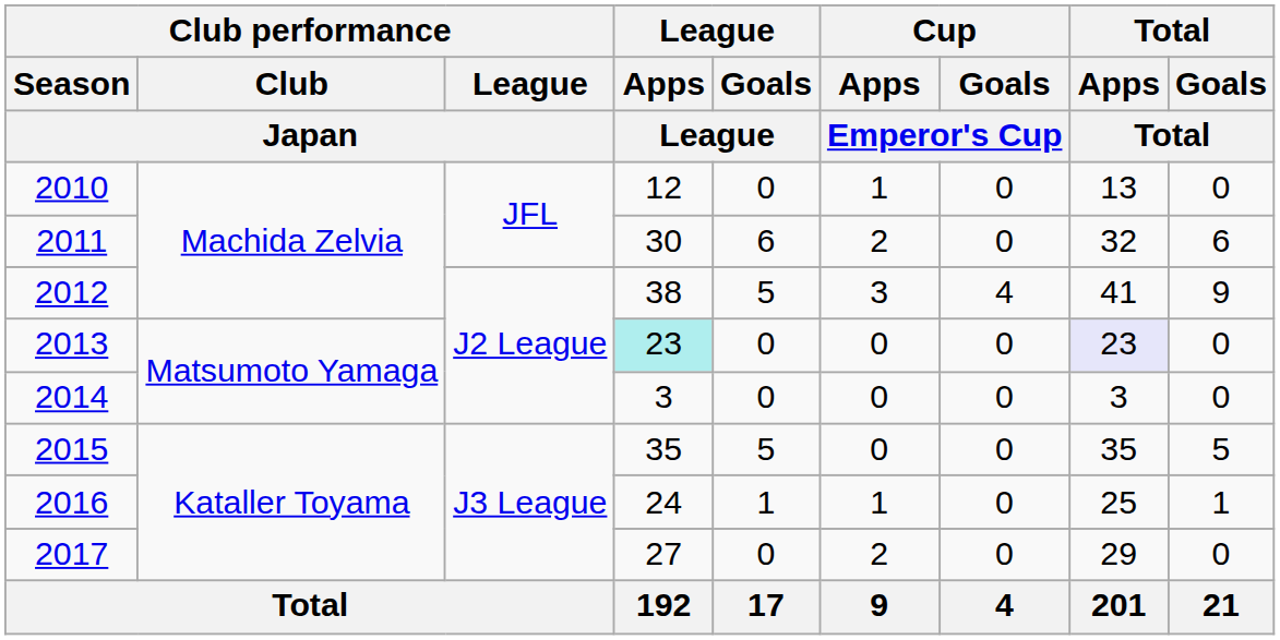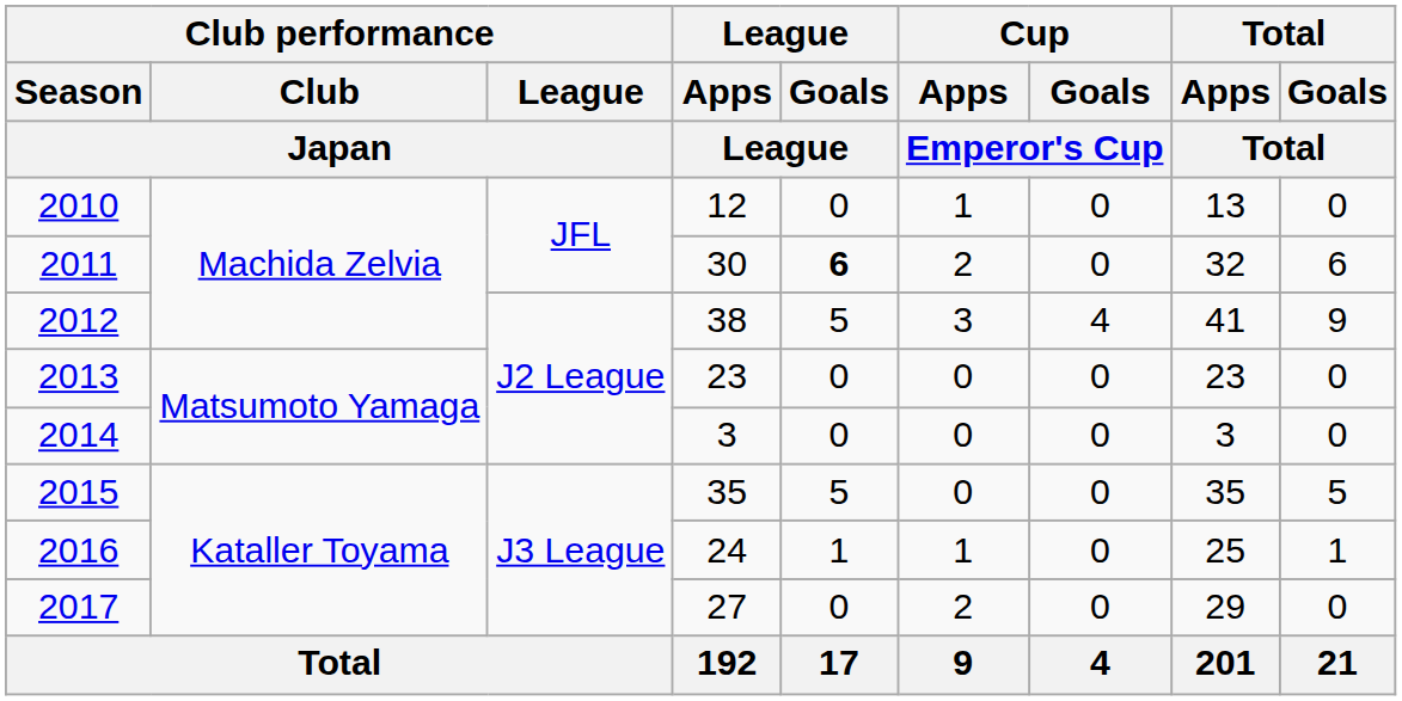 <table class="wikitable" style="text-align:center;">
 <tr>
 <th colspan=3>Club performance</th>
 <th colspan=2>League</th>
 <th colspan=2>Cup</th>
 <th colspan=2>Total</th>
 </tr>
 <tr>
 <th>Season</th>
 <th>Club</th>
 <th>League</th>
 <th>Apps</th>
 <th>Goals</th>
 <th>Apps</th>
 <th>Goals</th>
 <th>Apps</th>
 <th>Goals</th>
 </tr>
 <tr>
 <th colspan=3>Japan</th>
 <th colspan=2>League</th>
 <th colspan=2><a href='#'>Emperor's Cup</a></th>
 <th colspan=2>Total</th>
 </tr>
 <tr>
 <td><a href='#'>2010</a></td>
 <td rowspan="3"><a href='#'>Machida Zelvia</a></td>
 <td rowspan="2"><a href='#'>JFL</a></td>
 <td>12</td>
 <td>0</td>
 <td>1</td>
 <td>0</td>
 <td>13</td>
 <td>0</td>
 </tr>
 <tr>
 <td><a href='#'>2011</a></td>
 <td>30</td>
-<td>6</td>
+<td><strong>6</strong></td>
 <td>2</td>
 <td>0</td>
 <td>32</td>
 <td>6</td>
 </tr>
 <tr>
 <td><a href='#'>2012</a></td>
 <td rowspan="3"><a href='#'>J2 League</a></td>
 <td>38</td>
 <td>5</td>
 <td>3</td>
 <td>4</td>
 <td>41</td>
 <td>9</td>
 </tr>
 <tr>
 <td><a href='#'>2013</a></td>
 <td rowspan="2"><a href='#'>Matsumoto Yamaga</a></td>
-<td style="background: paleturquoise;">23</td>
+<td>23</td>
 <td>0</td>
 <td>0</td>
 <td>0</td>
-<td style="background: lavender;">23</td>
+<td>23</td>
 <td>0</td>
 </tr>
 <tr>
 <td><a href='#'>2014</a></td>
 <td>3</td>
 <td>0</td>
 <td>0</td>
 <td>0</td>
 <td>3</td>
 <td>0</td>
 </tr>
 <tr>
 <td><a href='#'>2015</a></td>
 <td rowspan="3"><a href='#'>Kataller Toyama</a></td>
 <td rowspan="3"><a href='#'>J3 League</a></td>
 <td>35</td>
 <td>5</td>
 <td>0</td>
 <td>0</td>
 <td>35</td>
 <td>5</td>
 </tr>
 <tr>
 <td><a href='#'>2016</a></td>
 <td>24</td>
 <td>1</td>
 <td>1</td>
 <td>0</td>
 <td>25</td>
 <td>1</td>
 </tr>
 <tr>
 <td><a href='#'>2017</a></td>
 <td>27</td>
 <td>0</td>
 <td>2</td>
 <td>0</td>
 <td>29</td>
 <td>0</td>
 </tr>
 <tr>
 <th colspan=3>Total</th>
 <th>192</th>
 <th>17</th>
 <th>9</th>
 <th>4</th>
 <th>201</th>
 <th>21</th>
 </tr>
 </table>
